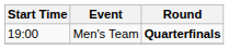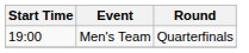 <table class="wikitable">
 <tr>
 <th>Start Time</th>
 <th>Event</th>
 <th>Round</th>
 </tr>
 <tr>
 <td>19:00</td>
 <td>Men's Team</td>
-<td><strong>Quarterfinals</strong></td>
+<td>Quarterfinals</td>
 </tr>
 <tr>
 </tr>
 </table>
